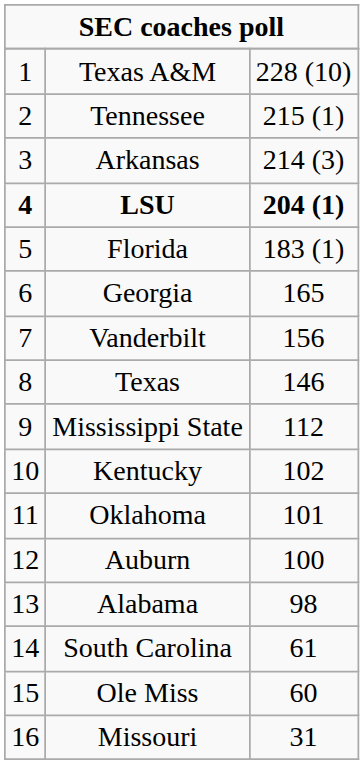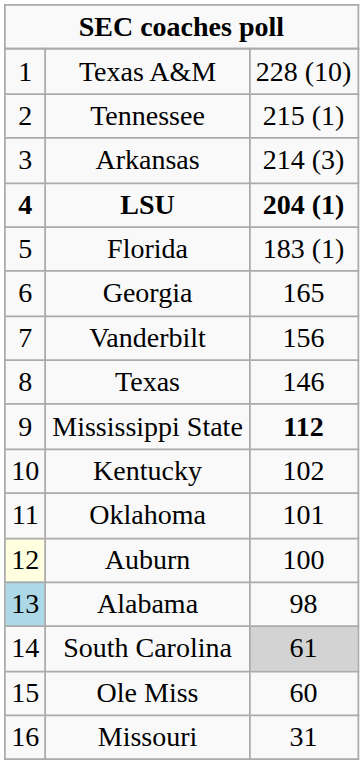 <table class="wikitable" style="display: inline-table;">
 <tr>
 <td align="center" Colspan="3"><strong>SEC coaches poll</strong></td>
 </tr>
 <tr align="center">
 </tr>
 <tr align="center">
 <td>1</td>
 <td>Texas A&M</td>
 <td>228 (10)</td>
 </tr>
 <tr align="center">
 <td>2</td>
 <td>Tennessee</td>
 <td>215 (1)</td>
 </tr>
 <tr align="center">
 <td>3</td>
 <td>Arkansas</td>
 <td>214 (3)</td>
 </tr>
 <tr align="center">
 <td><strong>4</strong></td>
 <td><strong>LSU</strong></td>
 <td><strong>204 (1)</strong></td>
 </tr>
 <tr align="center">
 <td>5</td>
 <td>Florida</td>
 <td>183 (1)</td>
 </tr>
 <tr align="center">
 <td>6</td>
 <td>Georgia</td>
 <td>165</td>
 </tr>
 <tr align="center">
 <td>7</td>
 <td>Vanderbilt</td>
 <td>156</td>
 </tr>
 <tr align="center">
 <td>8</td>
 <td>Texas</td>
 <td>146</td>
 </tr>
 <tr align="center">
 <td>9</td>
 <td>Mississippi State</td>
-<td>112</td>
+<td><strong>112</strong></td>
 </tr>
 <tr align="center">
 <td>10</td>
 <td>Kentucky</td>
 <td>102</td>
 </tr>
 <tr align="center">
 <td>11</td>
 <td>Oklahoma</td>
 <td>101</td>
 </tr>
 <tr align="center">
-<td>12</td>
+<td style="background: lightyellow;">12</td>
 <td>Auburn</td>
 <td>100</td>
 </tr>
 <tr align="center">
-<td>13</td>
+<td style="background: lightblue;">13</td>
 <td>Alabama</td>
 <td>98</td>
 </tr>
 <tr align="center">
 <td>14</td>
 <td>South Carolina</td>
-<td>61</td>
+<td style="background: lightgrey;">61</td>
 </tr>
 <tr align="center">
 <td>15</td>
 <td>Ole Miss</td>
 <td>60</td>
 </tr>
 <tr align="center">
 <td>16</td>
 <td>Missouri</td>
 <td>31</td>
 </tr>
 </table>
